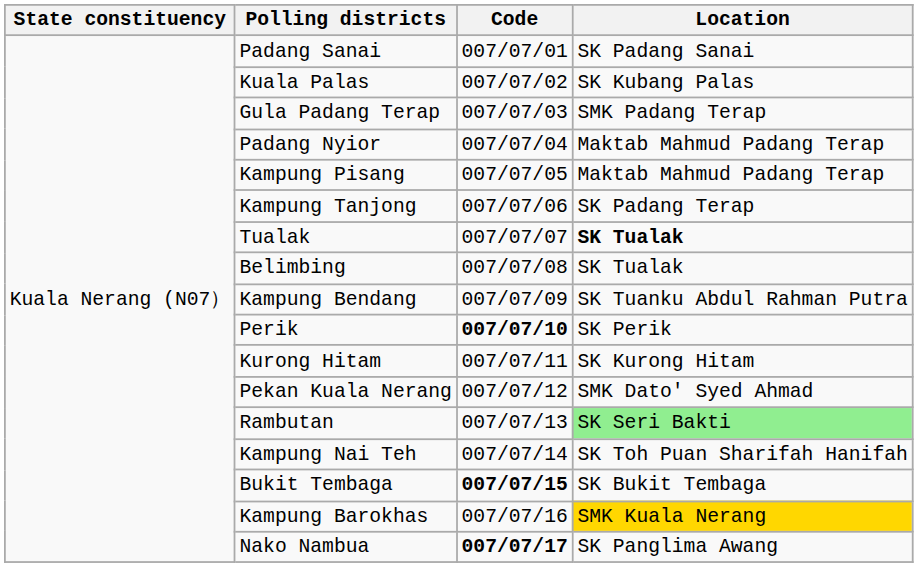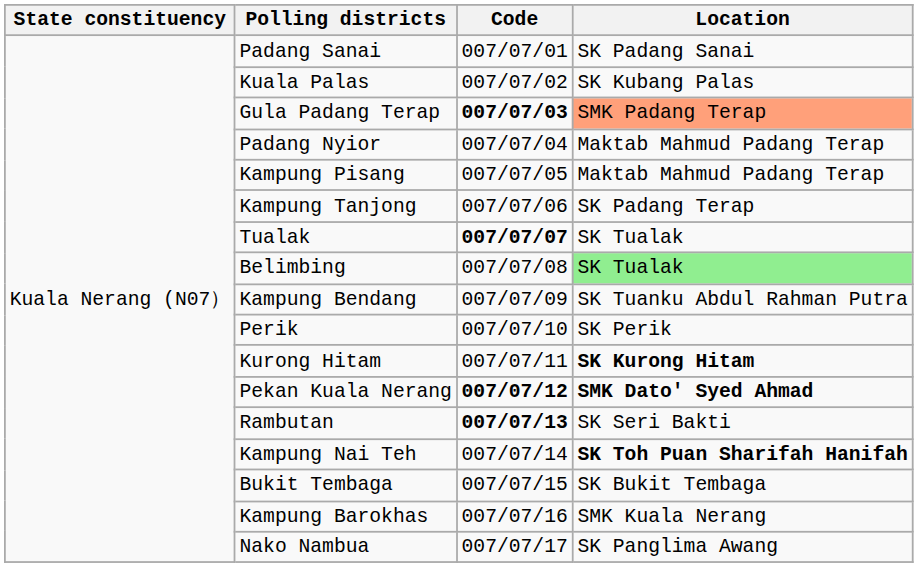 <table class="wikitable sortable mw-collapsible" style="white-space:nowrap;font-size:85%">
 <tr>
 <th>State constituency</th>
 <th>Polling districts</th>
 <th>Code</th>
 <th>Location</th>
 </tr>
 <tr>
 <td rowspan="17">Kuala Nerang (N07）</td>
 <td>Padang Sanai</td>
 <td>007/07/01</td>
 <td>SK Padang Sanai</td>
 </tr>
 <tr>
 <td>Kuala Palas</td>
 <td>007/07/02</td>
 <td>SK Kubang Palas</td>
 </tr>
 <tr>
 <td>Gula Padang Terap</td>
-<td>007/07/03</td>
-<td>SMK Padang Terap</td>
+<td><strong>007/07/03</strong></td>
+<td style="background: lightsalmon;">SMK Padang Terap</td>
 </tr>
 <tr>
 <td>Padang Nyior</td>
 <td>007/07/04</td>
 <td>Maktab Mahmud Padang Terap</td>
 </tr>
 <tr>
 <td>Kampung Pisang</td>
 <td>007/07/05</td>
 <td>Maktab Mahmud Padang Terap</td>
 </tr>
 <tr>
 <td>Kampung Tanjong</td>
 <td>007/07/06</td>
 <td>SK Padang Terap</td>
 </tr>
 <tr>
 <td>Tualak</td>
-<td>007/07/07</td>
-<td><strong>SK Tualak</strong></td>
+<td><strong>007/07/07</strong></td>
+<td>SK Tualak</td>
 </tr>
 <tr>
 <td>Belimbing</td>
 <td>007/07/08</td>
-<td>SK Tualak</td>
+<td style="background: lightgreen;">SK Tualak</td>
 </tr>
 <tr>
 <td>Kampung Bendang</td>
 <td>007/07/09</td>
 <td>SK Tuanku Abdul Rahman Putra</td>
 </tr>
 <tr>
 <td>Perik</td>
-<td><strong>007/07/10</strong></td>
+<td>007/07/10</td>
 <td>SK Perik</td>
 </tr>
 <tr>
 <td>Kurong Hitam</td>
 <td>007/07/11</td>
-<td>SK Kurong Hitam</td>
+<td><strong>SK Kurong Hitam</strong></td>
 </tr>
 <tr>
 <td>Pekan Kuala Nerang</td>
-<td>007/07/12</td>
-<td>SMK Dato' Syed Ahmad</td>
+<td><strong>007/07/12</strong></td>
+<td><strong>SMK Dato' Syed Ahmad</strong></td>
 </tr>
 <tr>
 <td>Rambutan</td>
-<td>007/07/13</td>
-<td style="background: lightgreen;">SK Seri Bakti</td>
+<td><strong>007/07/13</strong></td>
+<td>SK Seri Bakti</td>
 </tr>
 <tr>
 <td>Kampung Nai Teh</td>
 <td>007/07/14</td>
-<td>SK Toh Puan Sharifah Hanifah</td>
+<td><strong>SK Toh Puan Sharifah Hanifah</strong></td>
 </tr>
 <tr>
 <td>Bukit Tembaga</td>
-<td><strong>007/07/15</strong></td>
+<td>007/07/15</td>
 <td>SK Bukit Tembaga</td>
 </tr>
 <tr>
 <td>Kampung Barokhas</td>
 <td>007/07/16</td>
-<td style="background: gold;">SMK Kuala Nerang</td>
+<td>SMK Kuala Nerang</td>
 </tr>
 <tr>
 <td>Nako Nambua</td>
-<td><strong>007/07/17</strong></td>
+<td>007/07/17</td>
 <td>SK Panglima Awang</td>
 </tr>
 </table>
